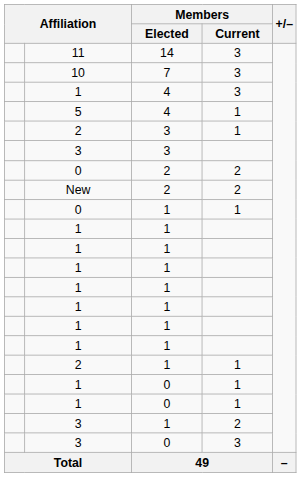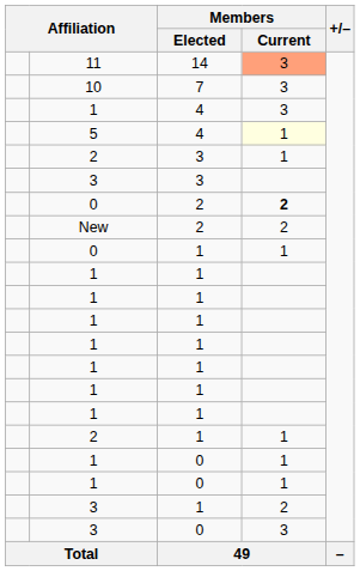 <table class="wikitable" border="1" style="font-size: 95%; text-align: center;">
 <tr>
 <th colspan="2" rowspan="2" class=unsortable style="text-align: center; vertical-align: middle; width: 150px;">Affiliation</th>
 <th colspan="2" style="vertical-align: top;">Members</th>
 <th rowspan="2">+/–</th>
 </tr>
 <tr>
 <th data-sort-type=number style="width: 80px;"><strong>Elected</strong></th>
 <th style="width: 80px;">Current</th>
 </tr>
 <tr>
 <td></td>
 <td>11</td>
 <td>14</td>
-<td>3</td>
+<td style="background: lightsalmon;">3</td>
 </tr>
 <tr>
 <td></td>
 <td>10</td>
 <td>7</td>
 <td>3</td>
 </tr>
 <tr>
 <td></td>
 <td>1</td>
 <td>4</td>
 <td>3</td>
 </tr>
 <tr>
 <td></td>
 <td>5</td>
 <td>4</td>
-<td>1</td>
+<td style="background: lightyellow;">1</td>
 </tr>
 <tr>
 <td></td>
 <td>2</td>
 <td>3</td>
 <td><strong></strong>1</td>
 </tr>
 <tr>
 <td></td>
 <td>3</td>
 <td>3</td>
 <td></td>
 </tr>
 <tr>
 <td></td>
 <td>0</td>
 <td>2</td>
-<td>2</td>
+<td><strong>2</strong></td>
 </tr>
 <tr>
 <td></td>
 <td>New</td>
 <td>2</td>
 <td>2</td>
 </tr>
 <tr>
 <td></td>
 <td>0</td>
 <td>1</td>
 <td>1</td>
 </tr>
 <tr>
 <td></td>
 <td>1</td>
 <td>1</td>
 <td></td>
 </tr>
 <tr>
 <td></td>
 <td>1</td>
 <td>1</td>
 <td></td>
 </tr>
 <tr>
 <td></td>
 <td>1</td>
 <td>1</td>
 <td></td>
 </tr>
 <tr>
 <td></td>
 <td>1</td>
 <td>1</td>
 <td></td>
 </tr>
 <tr>
 <td></td>
 <td>1</td>
 <td>1</td>
 <td></td>
 </tr>
 <tr>
 <td></td>
 <td>1</td>
 <td>1</td>
 <td></td>
 </tr>
 <tr>
 <td></td>
 <td>1</td>
 <td>1</td>
 <td></td>
 </tr>
 <tr>
 <td></td>
 <td>2</td>
 <td>1</td>
 <td>1</td>
 </tr>
 <tr>
 <td></td>
 <td>1</td>
 <td>0</td>
 <td>1</td>
 </tr>
 <tr>
 <td></td>
 <td>1</td>
 <td>0</td>
 <td>1</td>
 </tr>
 <tr>
 <td></td>
 <td>3</td>
 <td>1</td>
 <td>2</td>
 </tr>
 <tr>
 <td></td>
 <td>3</td>
 <td>0</td>
 <td>3</td>
 </tr>
 <tr>
 <th colspan="2">Total</th>
 <th colspan="2">49</th>
 <th>–</th>
 </tr>
 </table>
